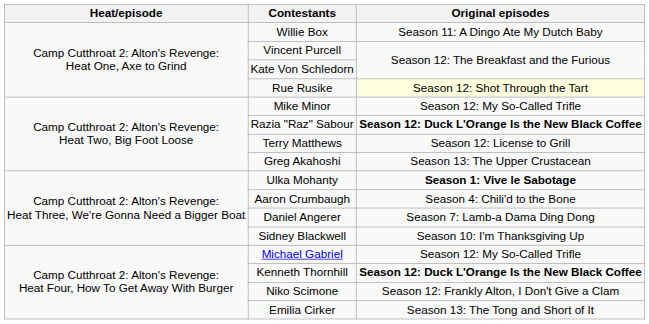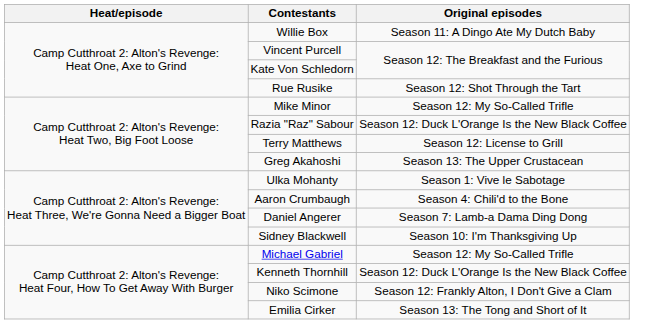 <table class="wikitable" style="text-align:center">
 <tr>
 <th>Heat/episode</th>
 <th>Contestants</th>
 <th>Original episodes</th>
 </tr>
 <tr>
 <td rowspan="4">Camp Cutthroat 2: Alton's Revenge:<br>Heat One, Axe to Grind</td>
 <td>Willie Box</td>
 <td>Season 11: A Dingo Ate My Dutch Baby</td>
 </tr>
 <tr>
 <td>Vincent Purcell</td>
 <td rowspan="2">Season 12: The Breakfast and the Furious</td>
 </tr>
 <tr>
 <td>Kate Von Schledorn</td>
 </tr>
 <tr>
 <td>Rue Rusike</td>
-<td style="background: lightyellow;">Season 12: Shot Through the Tart</td>
+<td>Season 12: Shot Through the Tart</td>
 </tr>
 <tr>
 <td rowspan="4">Camp Cutthroat 2: Alton's Revenge:<br>Heat Two, Big Foot Loose</td>
 <td>Mike Minor</td>
 <td>Season 12: My So-Called Trifle</td>
 </tr>
 <tr>
 <td>Razia "Raz" Sabour</td>
-<td><strong>Season 12: Duck L'Orange Is the New Black Coffee</strong></td>
+<td>Season 12: Duck L'Orange Is the New Black Coffee</td>
 </tr>
 <tr>
 <td>Terry Matthews</td>
 <td>Season 12: License to Grill</td>
 </tr>
 <tr>
 <td>Greg Akahoshi</td>
 <td>Season 13: The Upper Crustacean</td>
 </tr>
 <tr>
 <td rowspan="4">Camp Cutthroat 2: Alton's Revenge:<br>Heat Three, We're Gonna Need a Bigger Boat</td>
 <td>Ulka Mohanty</td>
-<td><strong>Season 1: Vive le Sabotage</strong></td>
+<td>Season 1: Vive le Sabotage</td>
 </tr>
 <tr>
 <td>Aaron Crumbaugh</td>
 <td>Season 4: Chili'd to the Bone</td>
 </tr>
 <tr>
 <td>Daniel Angerer</td>
 <td>Season 7: Lamb-a Dama Ding Dong</td>
 </tr>
 <tr>
 <td>Sidney Blackwell</td>
 <td>Season 10: I'm Thanksgiving Up</td>
 </tr>
 <tr>
 <td rowspan="4">Camp Cutthroat 2: Alton's Revenge:<br>Heat Four, How To Get Away With Burger</td>
 <td><a href='#'>Michael Gabriel</a></td>
 <td>Season 12: My So-Called Trifle</td>
 </tr>
 <tr>
 <td>Kenneth Thornhill</td>
-<td><strong>Season 12: Duck L'Orange Is the New Black Coffee</strong></td>
+<td>Season 12: Duck L'Orange Is the New Black Coffee</td>
 </tr>
 <tr>
 <td>Niko Scimone</td>
 <td>Season 12: Frankly Alton, I Don't Give a Clam</td>
 </tr>
 <tr>
 <td>Emilia Cirker</td>
 <td>Season 13: The Tong and Short of It</td>
 </tr>
 </table>
